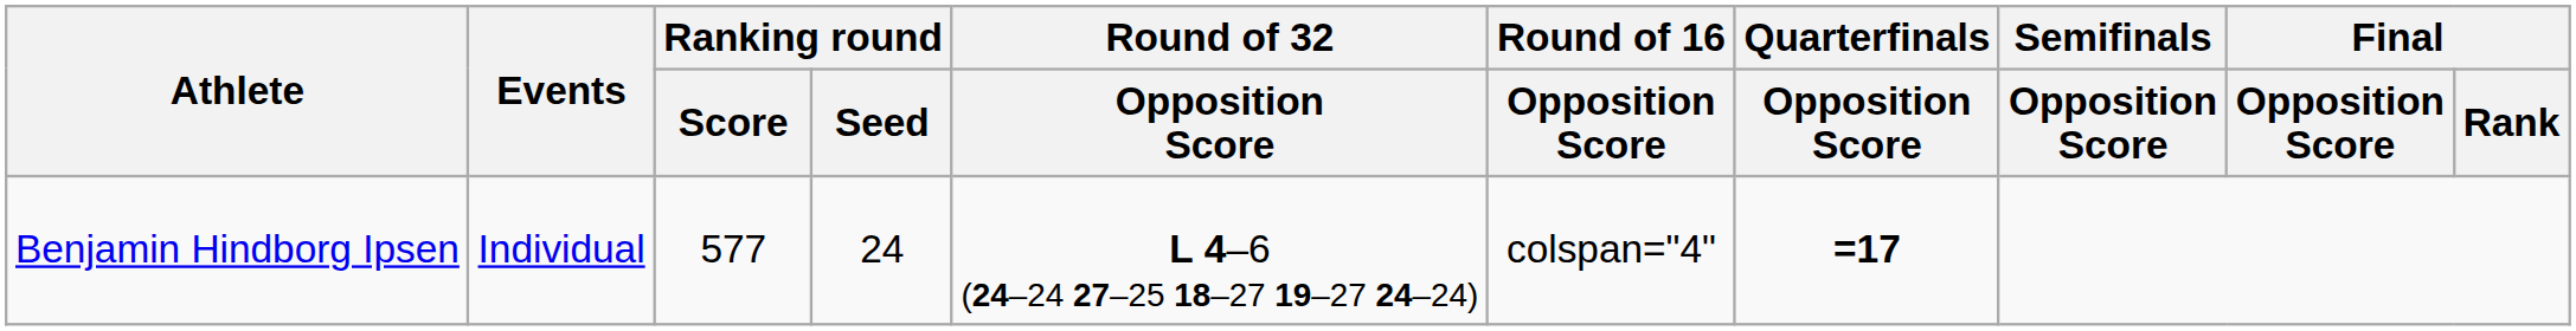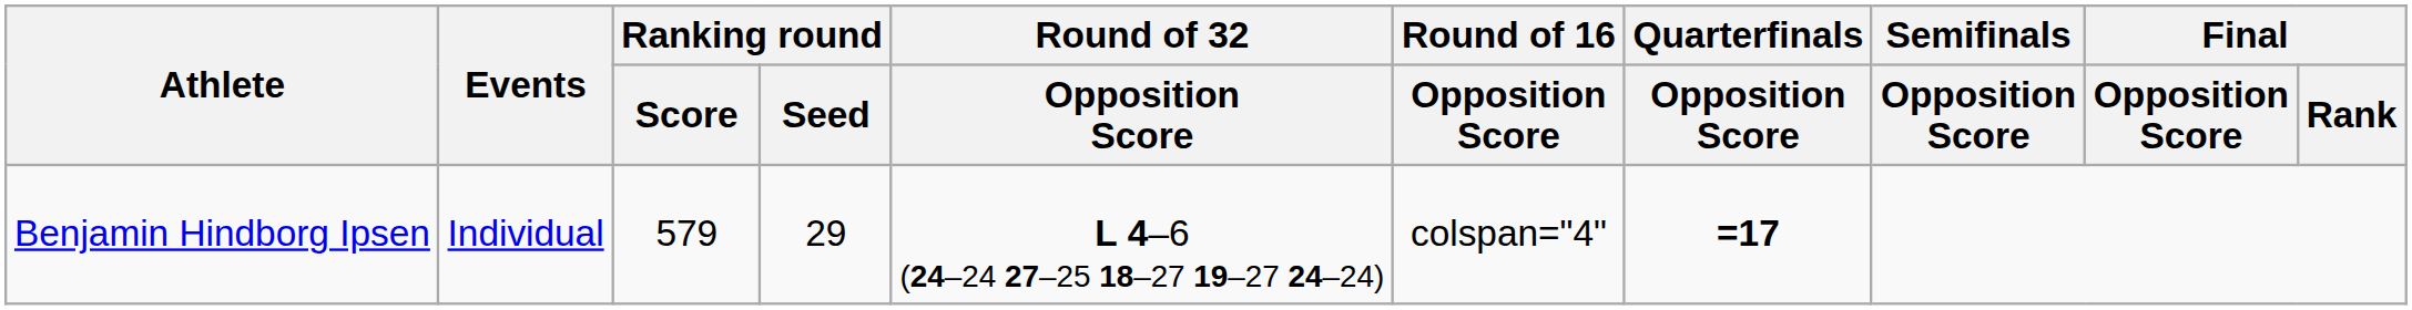 <table class="wikitable" style="font-size:90%; text-align:center;">
 <tr>
 <th rowspan=2>Athlete</th>
 <th rowspan=2>Events</th>
 <th colspan=2>Ranking round</th>
 <th>Round of 32</th>
 <th>Round of 16</th>
 <th>Quarterfinals</th>
 <th>Semifinals</th>
 <th colspan=2>Final</th>
 </tr>
 <tr>
 <th>Score</th>
 <th>Seed</th>
 <th>Opposition<br>Score</th>
 <th>Opposition<br>Score</th>
 <th>Opposition<br>Score</th>
 <th>Opposition<br>Score</th>
 <th>Opposition<br>Score</th>
 <th>Rank</th>
 </tr>
 <tr>
 <td style="text-align:left;"><a href='#'>Benjamin Hindborg Ipsen</a></td>
 <td style="text-align:left;"><a href='#'>Individual</a></td>
-<td>577</td>
-<td>24</td>
+<td>579</td>
+<td>29</td>
 <td><br><strong>L</strong> <strong>4</strong>–6<br><small> (<strong>24</strong>–24 <strong>27</strong>–25 <strong>18</strong>–27 <strong>19</strong>–27 <strong>24</strong>–24)</small></td>
 <td>colspan="4" </td>
 <td><strong>=17</strong></td>
 </tr>
 </table>
